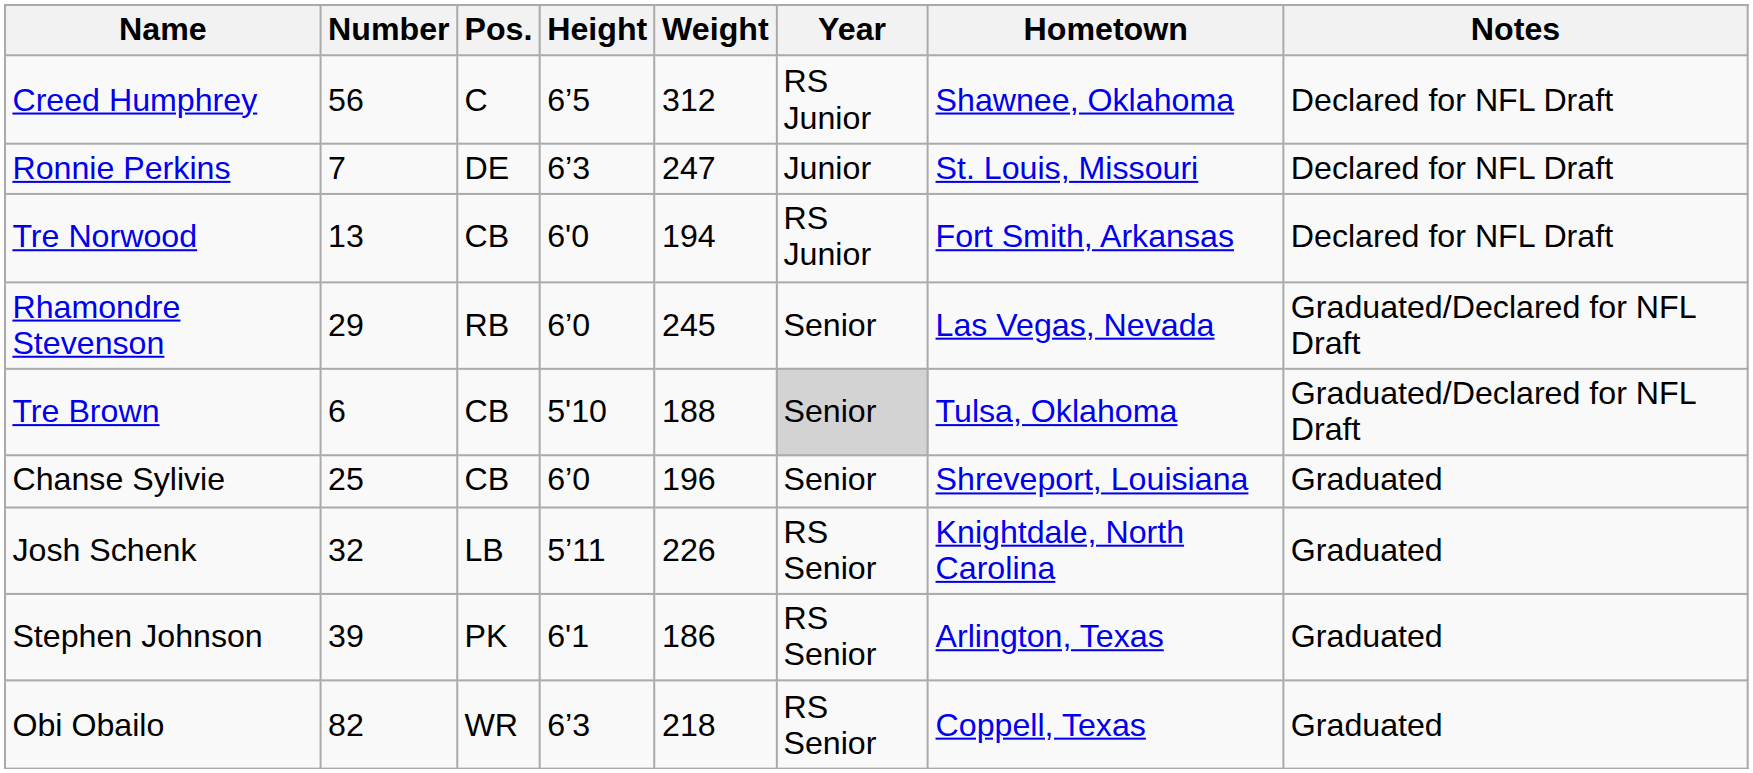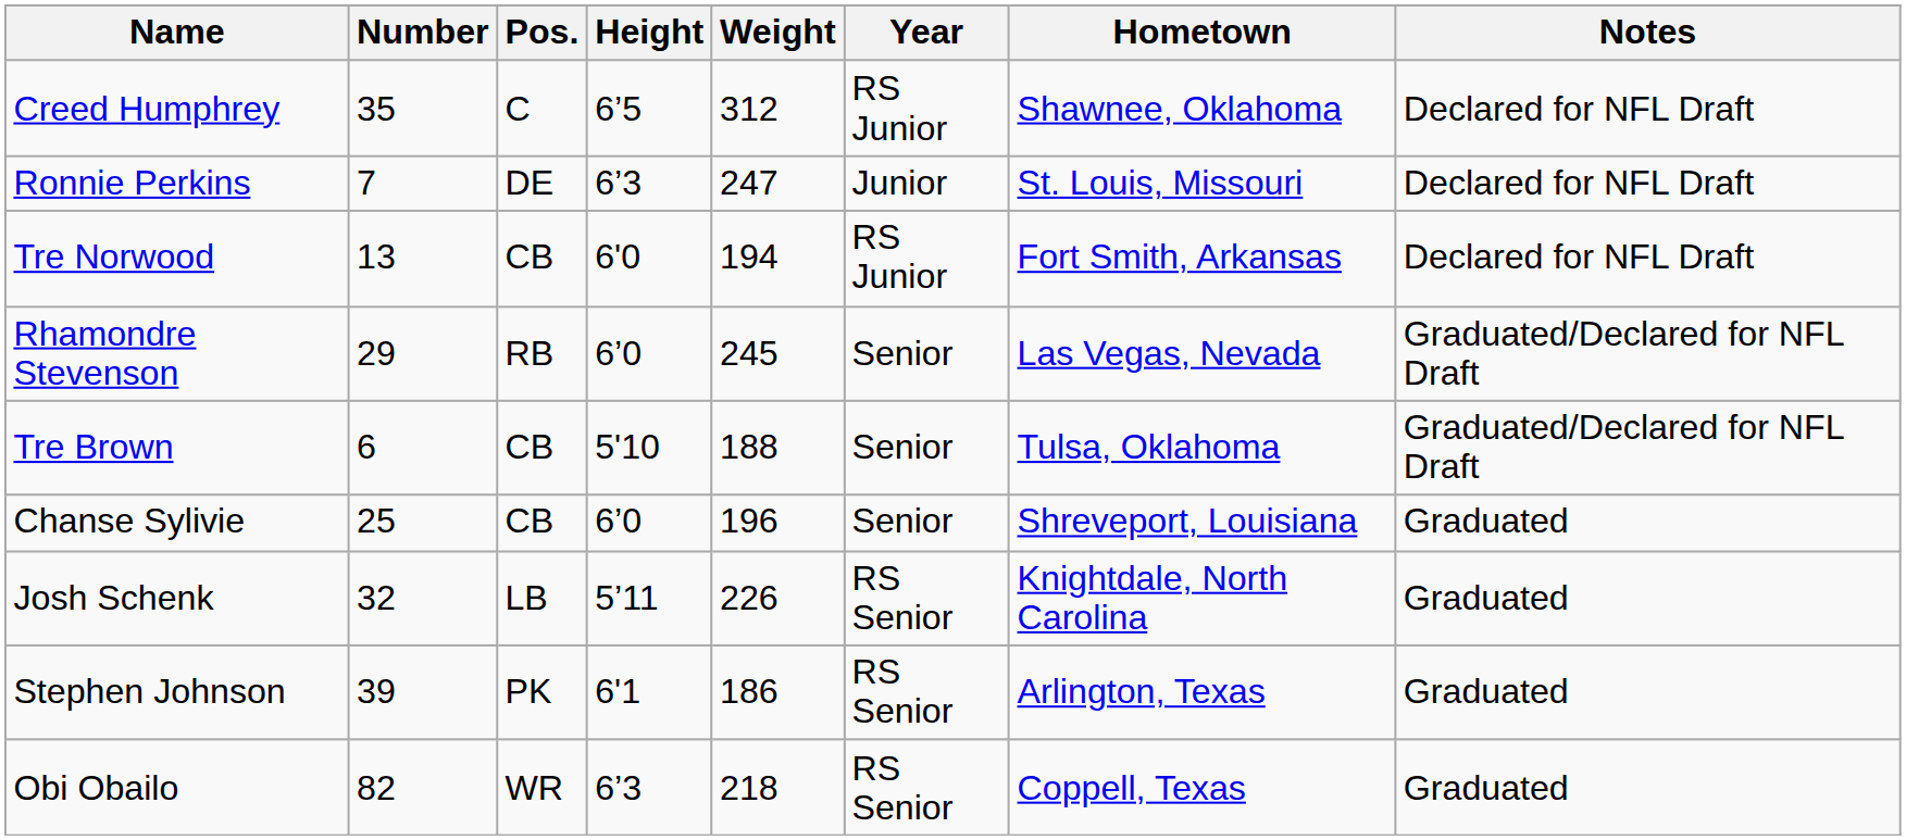 <table class="wikitable sortable collapsible">
 <tr>
 </tr>
 <tr>
 <th style="text-align:center; ">Name</th>
 <th style="text-align:center; ">Number</th>
 <th style="text-align:center; ">Pos.</th>
 <th style="text-align:center; ">Height</th>
 <th style="text-align:center; ">Weight</th>
 <th style="text-align:center; ">Year</th>
 <th style="text-align:center; ">Hometown</th>
 <th style="text-align:center; ">Notes</th>
 </tr>
 <tr>
 <td><a href='#'>Creed Humphrey</a></td>
-<td>56</td>
+<td>35</td>
 <td>C</td>
 <td>6’5</td>
 <td>312</td>
 <td>RS Junior</td>
 <td><a href='#'>Shawnee, Oklahoma</a></td>
 <td>Declared for NFL Draft</td>
 </tr>
 <tr>
 <td><a href='#'>Ronnie Perkins</a></td>
 <td>7</td>
 <td>DE</td>
 <td>6’3</td>
 <td>247</td>
 <td>Junior</td>
 <td><a href='#'>St. Louis, Missouri</a></td>
 <td>Declared for NFL Draft</td>
 </tr>
 <tr>
 <td><a href='#'>Tre Norwood</a></td>
 <td>13</td>
 <td>CB</td>
 <td>6'0</td>
 <td>194</td>
 <td>RS Junior</td>
 <td><a href='#'>Fort Smith, Arkansas</a></td>
 <td>Declared for NFL Draft</td>
 </tr>
 <tr>
 <td><a href='#'>Rhamondre Stevenson</a></td>
 <td>29</td>
 <td>RB</td>
 <td>6’0</td>
 <td>245</td>
 <td>Senior</td>
 <td><a href='#'>Las Vegas, Nevada</a></td>
 <td>Graduated/Declared for NFL Draft</td>
 </tr>
 <tr>
 <td><a href='#'>Tre Brown</a></td>
 <td>6</td>
 <td>CB</td>
 <td>5'10</td>
 <td>188</td>
-<td style="background: lightgrey;">Senior</td>
+<td>Senior</td>
 <td><a href='#'>Tulsa, Oklahoma</a></td>
 <td>Graduated/Declared for NFL Draft</td>
 </tr>
 <tr>
 <td>Chanse Sylivie</td>
 <td>25</td>
 <td>CB</td>
 <td>6’0</td>
 <td>196</td>
 <td>Senior</td>
 <td><a href='#'>Shreveport, Louisiana</a></td>
 <td>Graduated</td>
 </tr>
 <tr>
 <td>Josh Schenk</td>
 <td>32</td>
 <td>LB</td>
 <td>5’11</td>
 <td>226</td>
 <td>RS Senior</td>
 <td><a href='#'>Knightdale, North Carolina</a></td>
 <td>Graduated</td>
 </tr>
 <tr>
 <td>Stephen Johnson</td>
 <td>39</td>
 <td>PK</td>
 <td>6'1</td>
 <td>186</td>
 <td>RS Senior</td>
 <td><a href='#'>Arlington, Texas</a></td>
 <td>Graduated</td>
 </tr>
 <tr>
 <td>Obi Obailo</td>
 <td>82</td>
 <td>WR</td>
 <td>6’3</td>
 <td>218</td>
 <td>RS Senior</td>
 <td><a href='#'>Coppell, Texas</a></td>
 <td>Graduated</td>
 </tr>
 <tr>
 </tr>
 </table>
